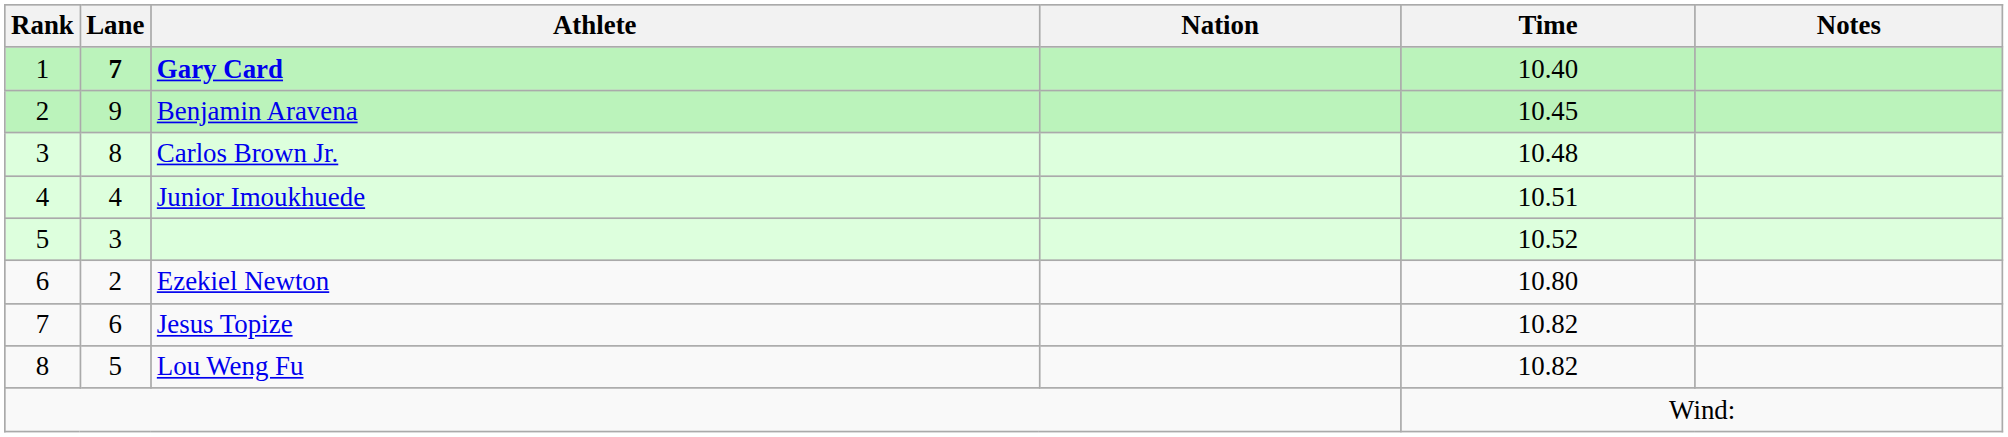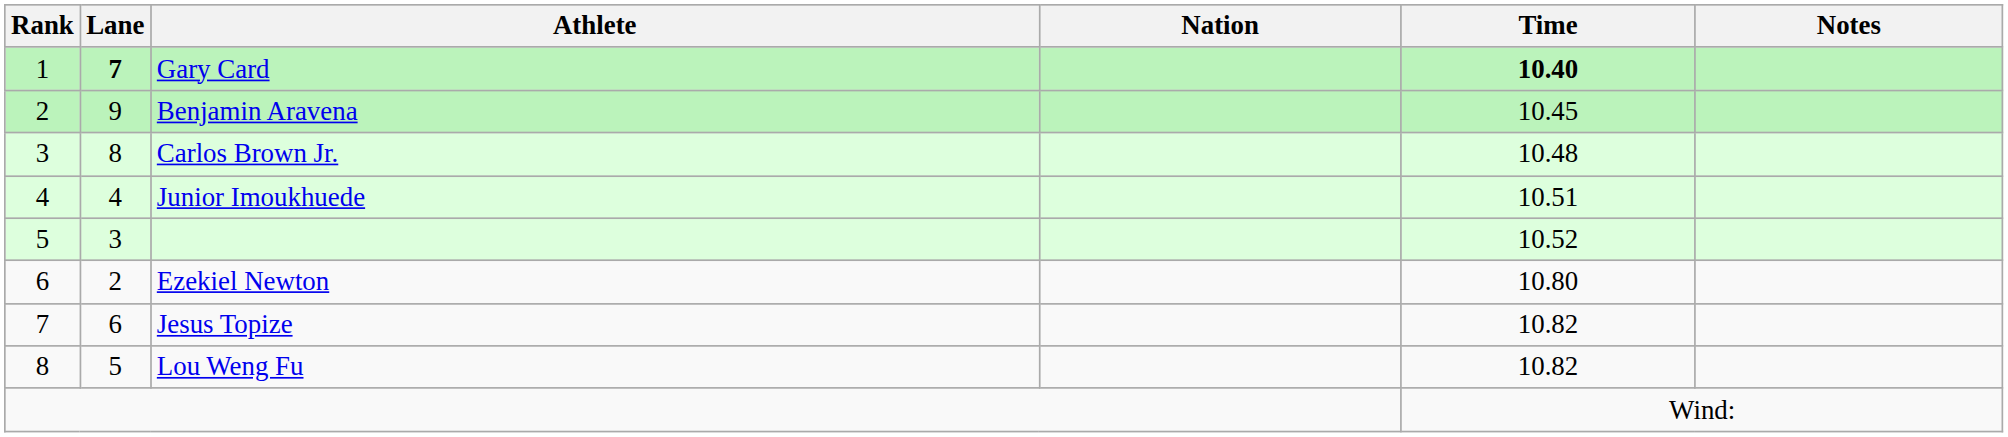 <table class="wikitable sortable" style="text-align:center;width: 60%;">
 <tr>
 <th scope="col" style="width: 10px;">Rank</th>
 <th scope="col" style="width: 10px;">Lane</th>
 <th scope="col">Athlete</th>
 <th scope="col">Nation</th>
 <th scope="col">Time</th>
 <th scope="col">Notes</th>
 </tr>
 <tr bgcolor=bbf3bb>
 <td>1</td>
 <td><strong>7</strong></td>
-<td align=left><strong><a href='#'>Gary Card</a></strong></td>
+<td align=left><a href='#'>Gary Card</a></td>
 <td align=left></td>
-<td>10.40</td>
+<td><strong>10.40</strong></td>
 <td></td>
 </tr>
 <tr bgcolor=bbf3bb>
 <td>2</td>
 <td>9</td>
 <td align=left><a href='#'>Benjamin Aravena</a></td>
 <td align=left></td>
 <td>10.45</td>
 <td></td>
 </tr>
 <tr bgcolor=ddffdd>
 <td>3</td>
 <td>8</td>
 <td align=left><a href='#'>Carlos Brown Jr.</a></td>
 <td align=left></td>
 <td>10.48</td>
 <td></td>
 </tr>
 <tr bgcolor=ddffdd>
 <td>4</td>
 <td>4</td>
 <td align=left><a href='#'>Junior Imoukhuede</a></td>
 <td align=left></td>
 <td>10.51</td>
 <td></td>
 </tr>
 <tr bgcolor=ddffdd>
 <td>5</td>
 <td>3</td>
 <td align=left></td>
 <td align=left></td>
 <td>10.52</td>
 <td></td>
 </tr>
 <tr>
 <td>6</td>
 <td>2</td>
 <td align=left><a href='#'>Ezekiel Newton</a></td>
 <td align=left></td>
 <td>10.80</td>
 <td></td>
 </tr>
 <tr>
 <td>7</td>
 <td>6</td>
 <td align=left><a href='#'>Jesus Topize</a></td>
 <td align=left></td>
 <td>10.82 </td>
 <td></td>
 </tr>
 <tr>
 <td>8</td>
 <td>5</td>
 <td align=left><a href='#'>Lou Weng Fu</a></td>
 <td align=left></td>
 <td>10.82 </td>
 <td></td>
 </tr>
 <tr class="sortbottom">
 <td colspan="4"></td>
 <td colspan="2">Wind: </td>
 </tr>
 </table>
